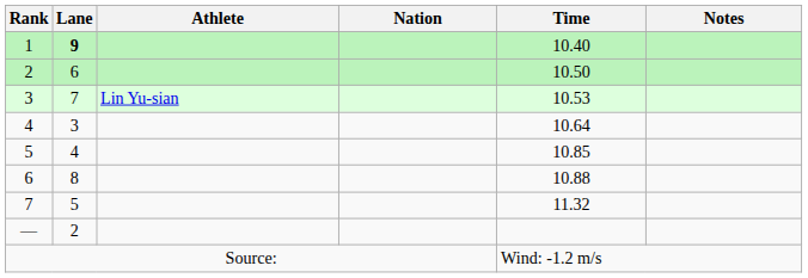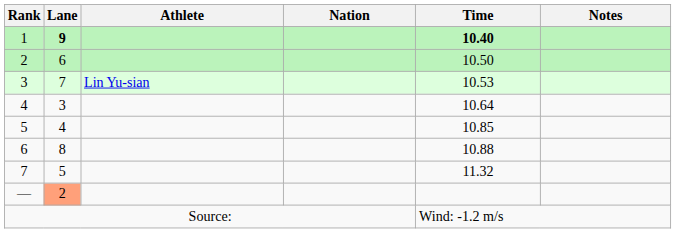 <table class="wikitable sortable" style="text-align:center;width: 60%;">
 <tr>
 <th scope="col" style="width: 10px;">Rank</th>
 <th scope="col" style="width: 10px;">Lane</th>
 <th scope="col">Athlete</th>
 <th scope="col">Nation</th>
 <th scope="col">Time</th>
 <th scope="col">Notes</th>
 </tr>
 <tr bgcolor=bbf3bb>
 <td>1</td>
 <td><strong>9</strong></td>
 <td align=left></td>
 <td align=left></td>
-<td>10.40</td>
+<td><strong>10.40</strong></td>
 <td></td>
 </tr>
 <tr bgcolor=bbf3bb>
 <td>2</td>
 <td>6</td>
 <td align=left></td>
 <td align=left></td>
 <td>10.50</td>
 <td></td>
 </tr>
 <tr bgcolor=ddffdd>
 <td>3</td>
 <td>7</td>
 <td align=left><a href='#'>Lin Yu-sian</a></td>
 <td align=left></td>
 <td>10.53</td>
 <td></td>
 </tr>
 <tr>
 <td>4</td>
 <td>3</td>
 <td align=left></td>
 <td align=left></td>
 <td>10.64</td>
 <td></td>
 </tr>
 <tr>
 <td>5</td>
 <td>4</td>
 <td align=left></td>
 <td align=left></td>
 <td>10.85</td>
 <td></td>
 </tr>
 <tr>
 <td>6</td>
 <td>8</td>
 <td align=left></td>
 <td align=left></td>
 <td>10.88</td>
 <td></td>
 </tr>
 <tr>
 <td>7</td>
 <td>5</td>
 <td align=left></td>
 <td align=left></td>
 <td>11.32</td>
 <td></td>
 </tr>
 <tr>
 <td>—</td>
-<td>2</td>
+<td style="background: lightsalmon;">2</td>
 <td align=left></td>
 <td align=left></td>
 <td></td>
 <td></td>
 </tr>
 <tr class="sortbottom">
 <td colspan="4">Source:</td>
 <td colspan="2" style="text-align:left;">Wind: -1.2 m/s</td>
 </tr>
 </table>
